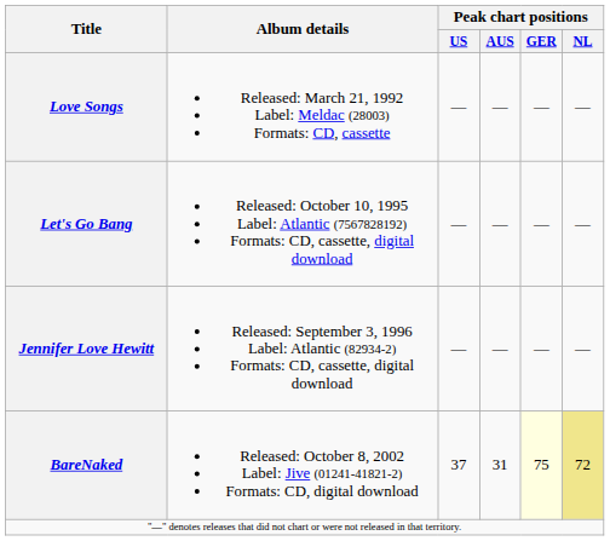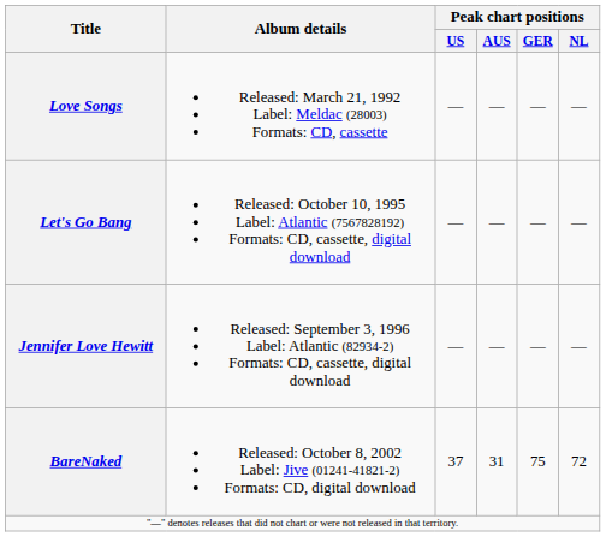 <table class="wikitable plainrowheaders" style="text-align:center;">
 <tr>
 <th scope="col" rowspan="2" style="width:10em;">Title</th>
 <th scope="col" rowspan="2" style="width:17em;">Album details</th>
 <th scope="col" colspan="4">Peak chart positions</th>
 </tr>
 <tr>
 <th scope="col" style="width:2.5em;font-size:90%;"><a href='#'>US</a><br></th>
 <th scope="col" style="width:2.5em;font-size:90%;"><a href='#'>AUS</a><br></th>
 <th scope="col" style="width:2.5em;font-size:90%;"><a href='#'>GER</a><br></th>
 <th scope="col" style="width:2.5em;font-size:90%;"><a href='#'>NL</a><br></th>
 </tr>
 <tr>
 <th scope="row"><em><a href='#'>Love Songs</a></em></th>
 <td><br><ul><li>Released: March 21, 1992</li><li>Label: <a href='#'>Meldac</a> <small>(28003)</small></li><li>Formats: <a href='#'>CD</a>, <a href='#'>cassette</a></li></ul></td>
 <td>—</td>
 <td>—</td>
 <td>—</td>
 <td>—</td>
 </tr>
 <tr>
 <th scope="row"><em><a href='#'>Let's Go Bang</a></em></th>
 <td><br><ul><li>Released: October 10, 1995</li><li>Label: <a href='#'>Atlantic</a> <small>(7567828192)</small></li><li>Formats: CD, cassette, <a href='#'>digital download</a></li></ul></td>
 <td>—</td>
 <td>—</td>
 <td>—</td>
 <td>—</td>
 </tr>
 <tr>
 <th scope="row"><em><a href='#'>Jennifer Love Hewitt</a></em></th>
 <td><br><ul><li>Released: September 3, 1996</li><li>Label: Atlantic <small>(82934-2)</small></li><li>Formats: CD, cassette, digital download</li></ul></td>
 <td>—</td>
 <td>—</td>
 <td>—</td>
 <td>—</td>
 </tr>
 <tr>
 <th scope="row"><em><a href='#'>BareNaked</a></em></th>
 <td><br><ul><li>Released: October 8, 2002</li><li>Label: <a href='#'>Jive</a> <small>(01241-41821-2)</small></li><li>Formats: CD, digital download</li></ul></td>
 <td>37</td>
 <td>31</td>
-<td style="background: lightyellow;">75</td>
-<td style="background: khaki;">72</td>
+<td>75</td>
+<td>72</td>
 </tr>
 <tr>
 <td align="center" colspan="15" style="font-size:8pt">"—" denotes releases that did not chart or were not released in that territory.</td>
 </tr>
 </table>
